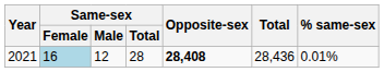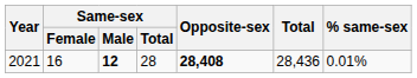 <table class="wikitable">
 <tr>
 <th rowspan=2>Year</th>
 <th colspan=3>Same-sex</th>
 <th rowspan=2>Opposite-sex</th>
 <th rowspan=2>Total</th>
 <th rowspan=2>% same-sex</th>
 </tr>
 <tr>
 <th>Female</th>
 <th>Male</th>
 <th>Total</th>
 </tr>
 <tr>
 <td>2021</td>
-<td style="background: lightblue;">16</td>
-<td>12</td>
+<td>16</td>
+<td><strong>12</strong></td>
 <td>28</td>
 <td><strong>28,408</strong></td>
 <td>28,436</td>
 <td>0.01%</td>
 </tr>
 </table>
